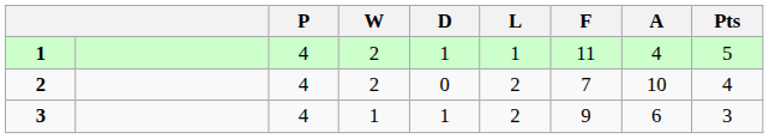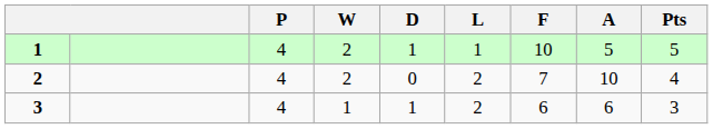 <table class="wikitable">
 <tr>
 <th colspan="2"></th>
 <th rowspan="1">P</th>
 <th rowspan="1">W</th>
 <th colspan="1">D</th>
 <th colspan="1">L</th>
 <th colspan="1">F</th>
 <th colspan="1">A</th>
 <th colspan="1">Pts</th>
 </tr>
 <tr style="background:#ccffcc;">
 <td style="text-align:center" width="50"><strong>1</strong></td>
 <td width="150"><strong></strong></td>
 <td style="text-align:center" width="50">4</td>
 <td style="text-align:center" width="50">2</td>
 <td style="text-align:center" width="50">1</td>
 <td style="text-align:center" width="50">1</td>
-<td style="text-align:center" width="50">11</td>
-<td style="text-align:center" width="50">4</td>
+<td style="text-align:center" width="50">10</td>
+<td style="text-align:center" width="50">5</td>
 <td style="text-align:center" width="50">5</td>
 </tr>
 <tr>
 <td style="text-align:center"><strong>2</strong></td>
 <td></td>
 <td style="text-align:center">4</td>
 <td style="text-align:center">2</td>
 <td style="text-align:center">0</td>
 <td style="text-align:center">2</td>
 <td style="text-align:center">7</td>
 <td style="text-align:center">10</td>
 <td style="text-align:center">4</td>
 </tr>
 <tr>
 <td style="text-align:center"><strong>3</strong></td>
 <td></td>
 <td style="text-align:center">4</td>
 <td style="text-align:center">1</td>
 <td style="text-align:center">1</td>
 <td style="text-align:center">2</td>
-<td style="text-align:center">9</td>
+<td style="text-align:center">6</td>
 <td style="text-align:center">6</td>
 <td style="text-align:center">3</td>
 </tr>
 </table>
